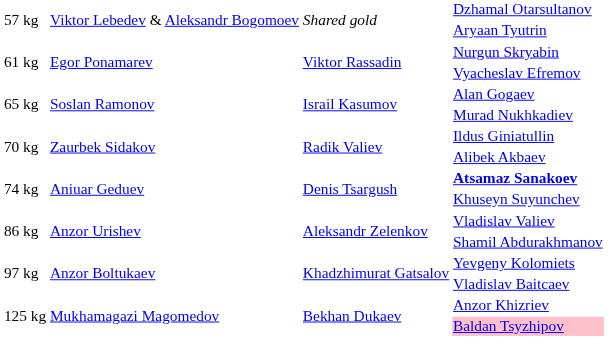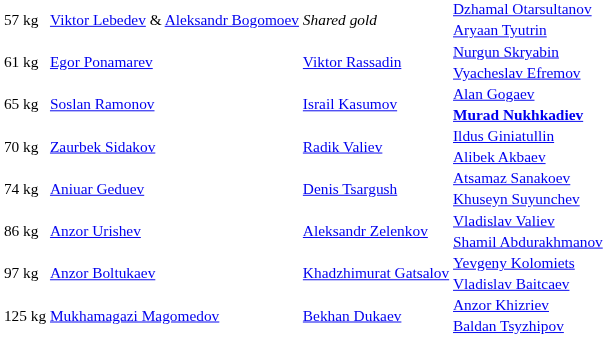 <table>
 <tr>
 <td rowspan=2>57 kg<br></td>
 <td rowspan=2> <a href='#'>Viktor Lebedev</a> &  <a href='#'>Aleksandr Bogomoev</a></td>
 <td rowspan=2><em>Shared gold</em></td>
 <td> <a href='#'>Dzhamal Otarsultanov</a></td>
 </tr>
 <tr>
 <td> <a href='#'>Aryaan Tyutrin</a></td>
 </tr>
 <tr>
 <td rowspan=2>61 kg<br></td>
 <td rowspan=2> <a href='#'>Egor Ponamarev</a></td>
 <td rowspan=2> <a href='#'>Viktor Rassadin</a></td>
 <td> <a href='#'>Nurgun Skryabin</a></td>
 </tr>
 <tr>
 <td> <a href='#'>Vyacheslav Efremov</a></td>
 </tr>
 <tr>
 <td rowspan=2>65 kg<br></td>
 <td rowspan=2> <a href='#'>Soslan Ramonov</a></td>
 <td rowspan=2> <a href='#'>Israil Kasumov</a></td>
 <td> <a href='#'>Alan Gogaev</a></td>
 </tr>
 <tr>
-<td> <a href='#'>Murad Nukhkadiev</a></td>
+<td><strong> <a href='#'>Murad Nukhkadiev</a></strong></td>
 </tr>
 <tr>
 <td rowspan=2>70 kg<br></td>
 <td rowspan=2> <a href='#'>Zaurbek Sidakov</a></td>
 <td rowspan=2> <a href='#'>Radik Valiev</a></td>
 <td> <a href='#'>Ildus Giniatullin</a></td>
 </tr>
 <tr>
 <td> <a href='#'>Alibek Akbaev</a></td>
 </tr>
 <tr>
 <td rowspan=2>74 kg<br></td>
 <td rowspan=2> <a href='#'>Aniuar Geduev</a></td>
 <td rowspan=2> <a href='#'>Denis Tsargush</a></td>
-<td><strong> <a href='#'>Atsamaz Sanakoev</a></strong></td>
+<td> <a href='#'>Atsamaz Sanakoev</a></td>
 </tr>
 <tr>
 <td> <a href='#'>Khuseyn Suyunchev</a></td>
 </tr>
 <tr>
 <td rowspan=2>86 kg<br></td>
 <td rowspan=2> <a href='#'>Anzor Urishev</a></td>
 <td rowspan=2> <a href='#'>Aleksandr Zelenkov</a></td>
 <td> <a href='#'>Vladislav Valiev</a></td>
 </tr>
 <tr>
 <td> <a href='#'>Shamil Abdurakhmanov</a></td>
 </tr>
 <tr>
 <td rowspan=2>97 kg<br></td>
 <td rowspan=2> <a href='#'>Anzor Boltukaev</a></td>
 <td rowspan=2> <a href='#'>Khadzhimurat Gatsalov</a></td>
 <td> <a href='#'>Yevgeny Kolomiets</a></td>
 </tr>
 <tr>
 <td> <a href='#'>Vladislav Baitcaev</a></td>
 </tr>
 <tr>
 <td rowspan=2>125 kg<br></td>
 <td rowspan=2> <a href='#'>Mukhamagazi Magomedov</a></td>
 <td rowspan=2> <a href='#'>Bekhan Dukaev</a></td>
 <td> <a href='#'>Anzor Khizriev</a></td>
 </tr>
 <tr>
-<td style="background: pink;"> <a href='#'>Baldan Tsyzhipov</a></td>
+<td> <a href='#'>Baldan Tsyzhipov</a></td>
 </tr>
 </table>
